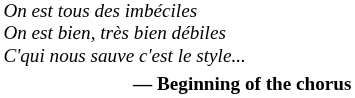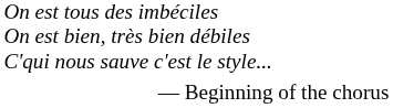 <table class="toccolours" style="float:left; margin-left:1em; margin-right:2em; font-size:85%; background: color:black; width:20em; max-width:20%;" cellspacing="2">
 <tr>
 <td style="text-align: left;"><br><em>On est tous des imbéciles</em><br> <em>On est bien, très bien débiles</em><br> <em>C'qui nous sauve c'est le style...</em></td>
 </tr>
 <tr>
-<td style="text-align: right;"><strong>— Beginning of the chorus</strong></td>
+<td style="text-align: right;">— Beginning of the chorus</td>
 </tr>
 </table>
